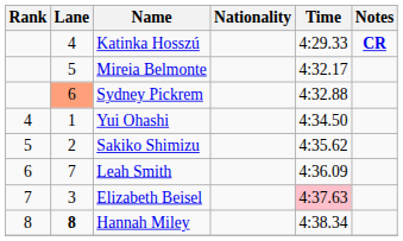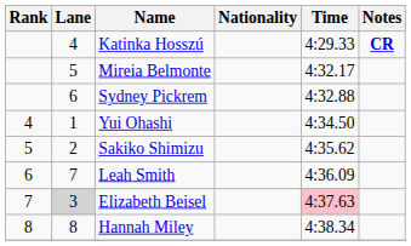 <table class="wikitable sortable" style="text-align:center">
 <tr>
 <th>Rank</th>
 <th>Lane</th>
 <th>Name</th>
 <th>Nationality</th>
 <th>Time</th>
 <th>Notes</th>
 </tr>
 <tr>
 <td></td>
 <td>4</td>
 <td align=left><a href='#'>Katinka Hosszú</a></td>
 <td align=left></td>
 <td>4:29.33</td>
 <td><strong><a href='#'>CR</a></strong></td>
 </tr>
 <tr>
 <td></td>
 <td>5</td>
 <td align=left><a href='#'>Mireia Belmonte</a></td>
 <td align=left></td>
 <td>4:32.17</td>
 <td></td>
 </tr>
 <tr>
 <td></td>
-<td style="background: lightsalmon;">6</td>
+<td>6</td>
 <td align=left><a href='#'>Sydney Pickrem</a></td>
 <td align=left></td>
 <td>4:32.88</td>
 <td></td>
 </tr>
 <tr>
 <td>4</td>
 <td>1</td>
 <td align=left><a href='#'>Yui Ohashi</a></td>
 <td align=left></td>
 <td>4:34.50</td>
 <td></td>
 </tr>
 <tr>
 <td>5</td>
 <td>2</td>
 <td align=left><a href='#'>Sakiko Shimizu</a></td>
 <td align=left></td>
 <td>4:35.62</td>
 <td></td>
 </tr>
 <tr>
 <td>6</td>
 <td>7</td>
 <td align=left><a href='#'>Leah Smith</a></td>
 <td align=left></td>
 <td>4:36.09</td>
 <td></td>
 </tr>
 <tr>
 <td>7</td>
-<td>3</td>
+<td style="background: lightgrey;">3</td>
 <td align=left><a href='#'>Elizabeth Beisel</a></td>
 <td align=left></td>
 <td style="background: pink;">4:37.63</td>
 <td></td>
 </tr>
 <tr>
 <td>8</td>
-<td><strong>8</strong></td>
+<td>8</td>
 <td align=left><a href='#'>Hannah Miley</a></td>
 <td align=left></td>
 <td>4:38.34</td>
 <td></td>
 </tr>
 <tr>
 </tr>
 </table>
